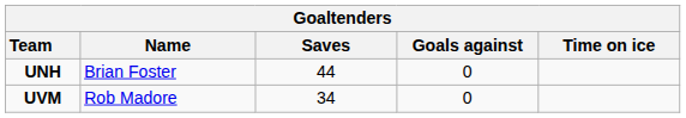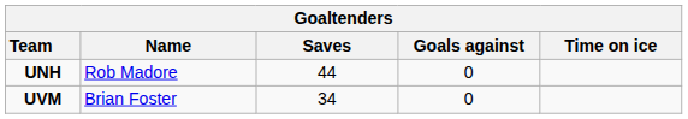 <table class="wikitable" style="width:40em; text-align:right;">
 <tr>
 <th colspan=5>Goaltenders</th>
 </tr>
 <tr>
 <th style="width:4em; text-align:left;">Team</th>
 <th style="width:10em;">Name</th>
 <th style="width:8em;">Saves</th>
 <th style="width:8em;">Goals against</th>
 <th style="width:8em;">Time on ice</th>
 </tr>
 <tr>
 <td align=center><strong>UNH</strong></td>
-<td style="text-align:left;"><a href='#'>Brian Foster</a></td>
+<td style="text-align:left;"><a href='#'>Rob Madore</a></td>
 <td align=center>44</td>
 <td align=center>0</td>
 <td align=center></td>
 </tr>
 <tr>
 <td align=center><strong>UVM</strong></td>
-<td style="text-align:left;"><a href='#'>Rob Madore</a></td>
+<td style="text-align:left;"><a href='#'>Brian Foster</a></td>
 <td align=center>34</td>
 <td align=center>0</td>
 <td align=center></td>
 </tr>
 </table>
